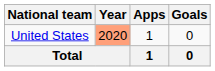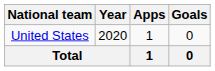 <table class="wikitable" style="text-align:center">
 <tr>
 <th>National team</th>
 <th>Year</th>
 <th>Apps</th>
 <th>Goals</th>
 </tr>
 <tr>
 <td><a href='#'>United States</a></td>
-<td style="background: lightsalmon;">2020</td>
+<td>2020</td>
 <td>1</td>
 <td>0</td>
 </tr>
 <tr>
 <th colspan="2">Total</th>
 <th>1</th>
 <th>0</th>
 </tr>
 </table>
